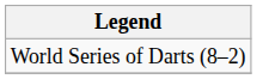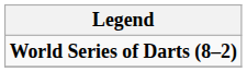 <table class="wikitable">
 <tr>
 <th>Legend</th>
 </tr>
 <tr>
-<td>World Series of Darts (8–2)</td>
+<td><strong>World Series of Darts (8–2)</strong></td>
 </tr>
 <tr>
 </tr>
 </table>
